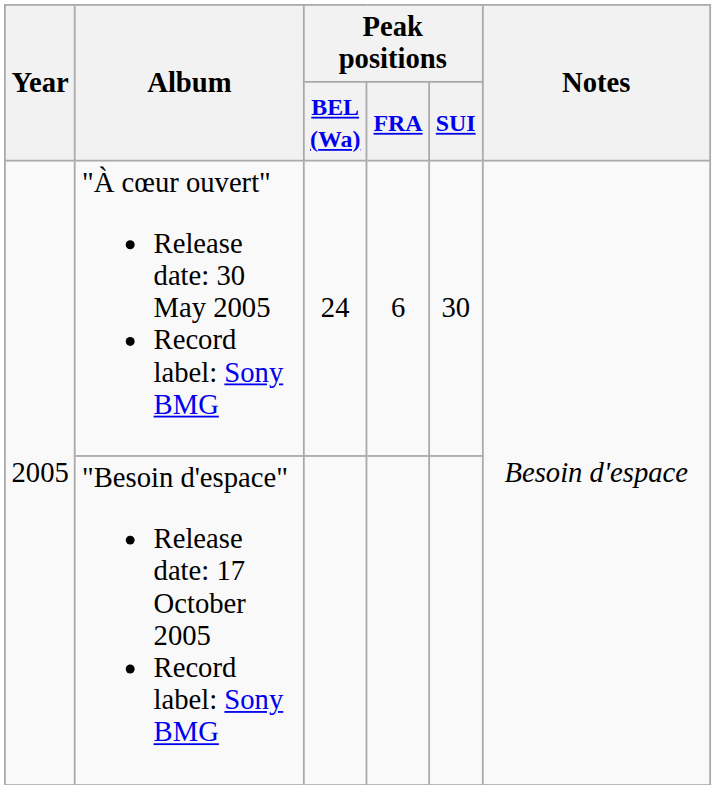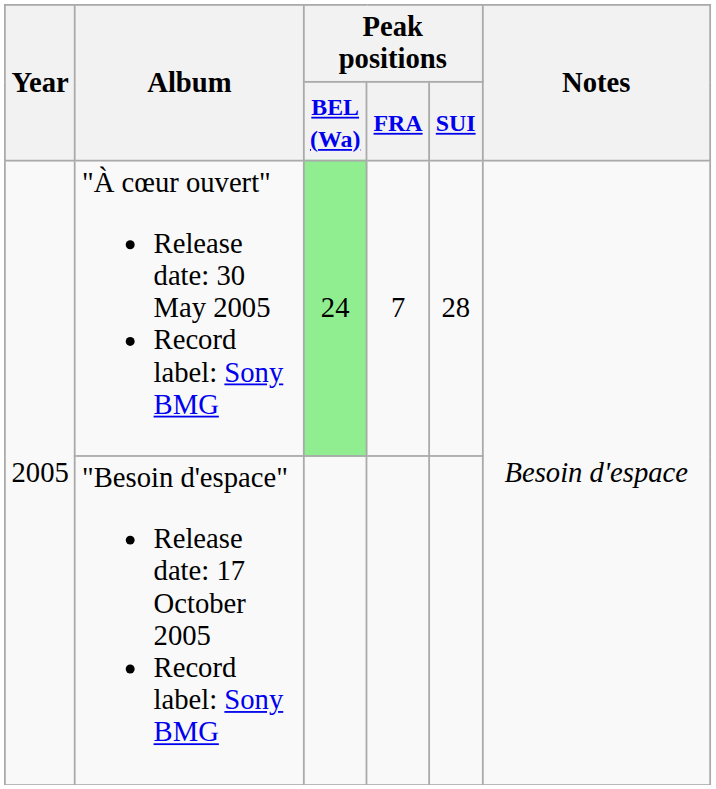 <table class="wikitable">
 <tr>
 <th align="center" rowspan="2" width="10">Year</th>
 <th align="center" rowspan="2" width="120">Album</th>
 <th align="center" colspan="3" width="30">Peak positions</th>
 <th align="center" rowspan="2" width="120">Notes</th>
 </tr>
 <tr>
 <th width="20"><small><a href='#'>BEL<br>(Wa)</a><br></small></th>
 <th width="20"><small><a href='#'>FRA</a><br></small></th>
 <th width="20"><small><a href='#'>SUI</a></small><br></th>
 </tr>
 <tr>
 <td align="center" rowspan="2">2005</td>
 <td>"À cœur ouvert"<br><ul><li>Release date: 30 May 2005</li><li>Record label: <a href='#'>Sony BMG</a></li></ul></td>
-<td align="center">24</td>
-<td align="center">6</td>
-<td align="center">30</td>
+<td align="center" style="background: lightgreen;">24</td>
+<td align="center">7</td>
+<td align="center">28</td>
 <td align="center" rowspan=2><em>Besoin d'espace</em></td>
 </tr>
 <tr>
 <td>"Besoin d'espace"<br><ul><li>Release date: 17 October 2005</li><li>Record label: <a href='#'>Sony BMG</a></li></ul></td>
 <td align="center"></td>
 <td align="center"></td>
 <td align="center"></td>
 </tr>
 <tr>
 </tr>
 </table>
